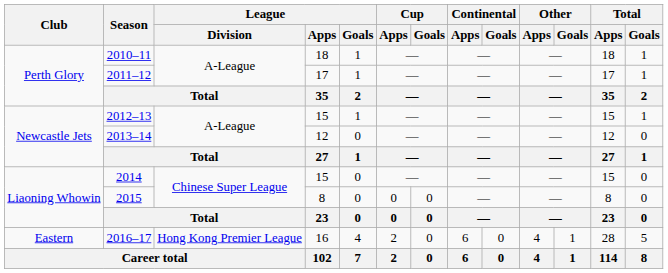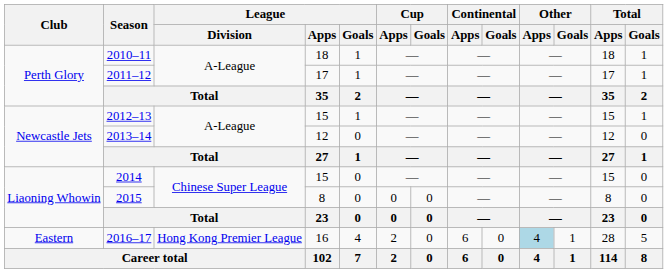 <table class="wikitable" style="text-align:center">
 <tr>
 <th rowspan="2">Club</th>
 <th rowspan="2">Season</th>
 <th colspan="3">League</th>
 <th colspan="2">Cup</th>
 <th colspan="2">Continental</th>
 <th colspan="2">Other</th>
 <th colspan="2">Total</th>
 </tr>
 <tr>
 <th>Division</th>
 <th>Apps</th>
 <th>Goals</th>
 <th>Apps</th>
 <th>Goals</th>
 <th>Apps</th>
 <th>Goals</th>
 <th>Apps</th>
 <th>Goals</th>
 <th>Apps</th>
 <th>Goals</th>
 </tr>
 <tr>
 <td rowspan="3"><a href='#'>Perth Glory</a></td>
 <td><a href='#'>2010–11</a></td>
 <td rowspan="2">A-League</td>
 <td>18</td>
 <td>1</td>
 <td colspan="2">—</td>
 <td colspan="2">—</td>
 <td colspan="2">—</td>
 <td>18</td>
 <td>1</td>
 </tr>
 <tr>
 <td><a href='#'>2011–12</a></td>
 <td>17</td>
 <td>1</td>
 <td colspan="2">—</td>
 <td colspan="2">—</td>
 <td colspan="2">—</td>
 <td>17</td>
 <td>1</td>
 </tr>
 <tr>
 <th colspan="2">Total</th>
 <th>35</th>
 <th>2</th>
 <th colspan="2">—</th>
 <th colspan="2">—</th>
 <th colspan="2">—</th>
 <th>35</th>
 <th>2</th>
 </tr>
 <tr>
 <td rowspan="3"><a href='#'>Newcastle Jets</a></td>
 <td><a href='#'>2012–13</a></td>
 <td rowspan="2">A-League</td>
 <td>15</td>
 <td>1</td>
 <td colspan="2">—</td>
 <td colspan="2">—</td>
 <td colspan="2">—</td>
 <td>15</td>
 <td>1</td>
 </tr>
 <tr>
 <td><a href='#'>2013–14</a></td>
 <td>12</td>
 <td>0</td>
 <td colspan="2">—</td>
 <td colspan="2">—</td>
 <td colspan="2">—</td>
 <td>12</td>
 <td>0</td>
 </tr>
 <tr>
 <th colspan="2">Total</th>
 <th>27</th>
 <th>1</th>
 <th colspan="2">—</th>
 <th colspan="2">—</th>
 <th colspan="2">—</th>
 <th>27</th>
 <th>1</th>
 </tr>
 <tr>
 <td rowspan="3"><a href='#'>Liaoning Whowin</a></td>
 <td><a href='#'>2014</a></td>
 <td rowspan="2"><a href='#'>Chinese Super League</a></td>
 <td>15</td>
 <td>0</td>
 <td colspan="2">—</td>
 <td colspan="2">—</td>
 <td colspan="2">—</td>
 <td>15</td>
 <td>0</td>
 </tr>
 <tr>
 <td><a href='#'>2015</a></td>
 <td>8</td>
 <td>0</td>
 <td>0</td>
 <td>0</td>
 <td colspan="2">—</td>
 <td colspan="2">—</td>
 <td>8</td>
 <td>0</td>
 </tr>
 <tr>
 <th colspan="2">Total</th>
 <th>23</th>
 <th>0</th>
 <th>0</th>
 <th>0</th>
 <th colspan="2">—</th>
 <th colspan="2">—</th>
 <th>23</th>
 <th>0</th>
 </tr>
 <tr>
 <td><a href='#'>Eastern</a></td>
 <td><a href='#'>2016–17</a></td>
 <td><a href='#'>Hong Kong Premier League</a></td>
 <td>16</td>
 <td>4</td>
 <td>2</td>
 <td>0</td>
 <td>6</td>
 <td>0</td>
-<td>4</td>
+<td style="background: lightblue;">4</td>
 <td>1</td>
 <td>28</td>
 <td>5</td>
 </tr>
 <tr>
 <th colspan="3">Career total</th>
 <th>102</th>
 <th>7</th>
 <th>2</th>
 <th>0</th>
 <th>6</th>
 <th>0</th>
 <th>4</th>
 <th>1</th>
 <th>114</th>
 <th>8</th>
 </tr>
 </table>
